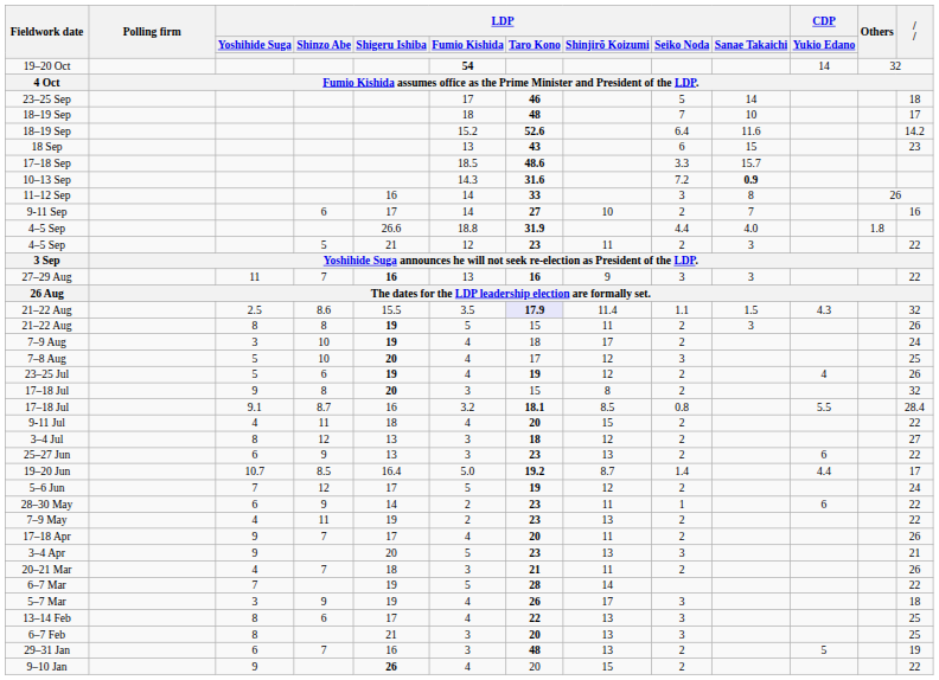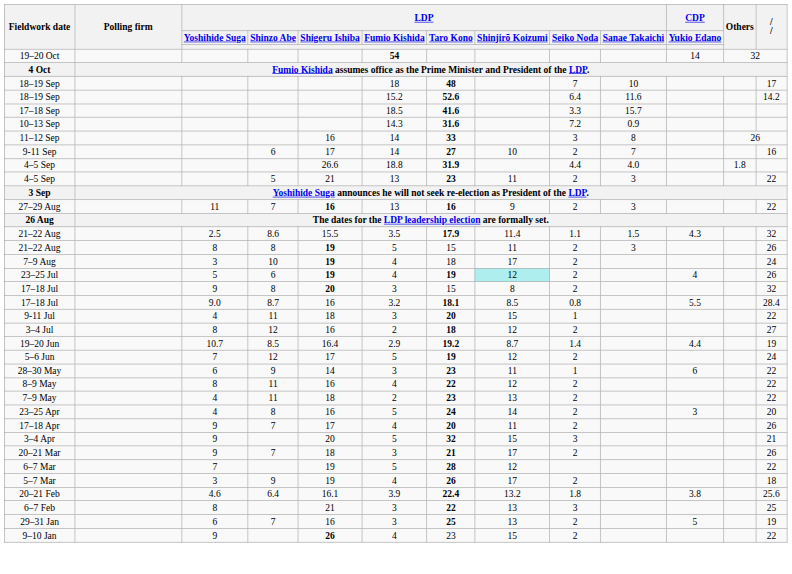 <table class="wikitable mw-datatable sortable mw-collapsible" style="text-align:center;font-size:90%;line-height:14px;">
 <tr style="height:40px;">
 <th class="unsortable" rowspan="3" width=100px>Fieldwork date</th>
 <th class="unsortable" rowspan="3" width=155px>Polling firm</th>
 <th colspan="8" class="unsortable"><a href='#'>LDP</a></th>
 <th class="unsortable"><a href='#'>CDP</a></th>
 <th rowspan="3" class="unsortable" width="40px">Others </th>
 <th rowspan="3" class="unsortable" width="40px">/<br>/</th>
 </tr>
 <tr>
 <th class="unsortable" "style=width:40px;"><a href='#'>Yoshihide Suga</a></th>
 <th class="unsortable" "style=width:40px;"><a href='#'>Shinzo Abe</a></th>
 <th class="unsortable" "style=width:40px;"><a href='#'>Shigeru Ishiba</a></th>
 <th class="unsortable" "style=width:40px;"><a href='#'>Fumio Kishida</a></th>
 <th class="unsortable" "style=width:40px;"><a href='#'>Taro Kono</a></th>
 <th class="unsortable" "style=width:40px;"><a href='#'>Shinjirō Koizumi</a></th>
 <th class="unsortable" "style=width:40px;"><a href='#'>Seiko Noda</a></th>
 <th class="unsortable" "style=width:40px;"><a href='#'>Sanae Takaichi</a></th>
 <th class="unsortable" "style=width:40px;"><a href='#'>Yukio Edano</a></th>
 </tr>
 <tr>
 <th colspan="8" style="background: "></th>
 <th style="background: "></th>
 </tr>
 <tr>
 <td>19–20 Oct</td>
 <td></td>
 <td></td>
 <td></td>
 <td></td>
 <td><strong>54</strong></td>
 <td></td>
 <td></td>
 <td></td>
 <td></td>
 <td>14</td>
 <td colspan="2">32</td>
 </tr>
 <tr>
 <th>4 Oct</th>
 <th colspan="12"><a href='#'>Fumio Kishida</a> assumes office as the Prime Minister and President of the <a href='#'>LDP</a>.</th>
 </tr>
 <tr>
-<td>23–25 Sep</td>
-<td></td>
-<td></td>
-<td></td>
-<td></td>
-<td>17</td>
-<td><strong>46</strong></td>
-<td></td>
-<td>5</td>
-<td>14</td>
-<td></td>
-<td></td>
-<td>18</td>
-</tr>
-<tr>
 <td>18–19 Sep</td>
 <td></td>
 <td></td>
 <td></td>
 <td></td>
 <td>18</td>
 <td><strong>48</strong></td>
 <td></td>
 <td>7</td>
 <td>10</td>
 <td></td>
 <td></td>
 <td>17</td>
 </tr>
 <tr>
 <td>18–19 Sep</td>
 <td></td>
 <td></td>
 <td></td>
 <td></td>
 <td>15.2</td>
 <td><strong>52.6</strong></td>
 <td></td>
 <td>6.4</td>
 <td>11.6</td>
 <td></td>
 <td></td>
 <td>14.2</td>
 </tr>
 <tr>
-<td>18 Sep</td>
-<td></td>
-<td></td>
-<td></td>
-<td></td>
-<td>13</td>
-<td><strong>43</strong></td>
-<td></td>
-<td>6</td>
-<td>15</td>
-<td></td>
-<td></td>
-<td>23</td>
-</tr>
-<tr>
 <td>17–18 Sep</td>
 <td></td>
 <td></td>
 <td></td>
 <td></td>
 <td>18.5</td>
-<td><strong>48.6</strong></td>
+<td><strong>41.6</strong></td>
 <td></td>
 <td>3.3</td>
 <td>15.7</td>
 <td></td>
 <td></td>
 <td></td>
 </tr>
 <tr>
 <td>10–13 Sep</td>
 <td> </td>
 <td></td>
 <td></td>
 <td></td>
 <td>14.3</td>
 <td><strong>31.6</strong></td>
 <td></td>
 <td>7.2</td>
-<td><strong>0.9</strong></td>
+<td>0.9</td>
 <td></td>
 <td></td>
 <td></td>
 </tr>
 <tr>
 <td>11–12 Sep</td>
 <td></td>
 <td></td>
 <td></td>
 <td>16</td>
 <td>14</td>
 <td><strong>33</strong></td>
 <td></td>
 <td>3</td>
 <td>8</td>
 <td></td>
 <td colspan="2">26</td>
 </tr>
 <tr>
 <td>9-11 Sep</td>
 <td></td>
 <td></td>
 <td>6</td>
 <td>17</td>
 <td>14</td>
 <td><strong>27</strong></td>
 <td>10</td>
 <td>2</td>
 <td>7</td>
 <td></td>
 <td></td>
 <td>16</td>
 </tr>
 <tr>
 <td>4–5 Sep</td>
 <td></td>
 <td></td>
 <td></td>
 <td>26.6</td>
 <td>18.8</td>
 <td><strong>31.9</strong></td>
 <td></td>
 <td>4.4</td>
 <td>4.0</td>
 <td></td>
 <td>1.8</td>
 <td></td>
 </tr>
 <tr>
 <td>4–5 Sep</td>
 <td></td>
 <td></td>
 <td>5</td>
 <td>21</td>
-<td>12</td>
+<td>13</td>
 <td><strong>23</strong></td>
 <td>11</td>
 <td>2</td>
 <td>3</td>
 <td></td>
 <td></td>
 <td>22</td>
 </tr>
 <tr>
 <th>3 Sep</th>
 <th colspan="12"><a href='#'>Yoshihide Suga</a> announces he will not seek re-election as President of the <a href='#'>LDP</a>.</th>
 </tr>
 <tr>
 <td>27–29 Aug</td>
 <td></td>
 <td>11</td>
 <td>7</td>
 <td><strong>16</strong></td>
 <td>13</td>
 <td><strong>16</strong></td>
 <td>9</td>
-<td>3</td>
+<td>2</td>
 <td>3</td>
 <td></td>
 <td></td>
 <td>22</td>
 </tr>
 <tr>
 <th>26 Aug</th>
 <th colspan="12">The dates for the <a href='#'>LDP leadership election</a> are formally set.</th>
 </tr>
 <tr>
 <td>21–22 Aug</td>
 <td></td>
 <td>2.5</td>
 <td>8.6</td>
 <td>15.5</td>
 <td>3.5</td>
-<td style="background: lavender;"><strong>17.9</strong></td>
+<td><strong>17.9</strong></td>
 <td>11.4</td>
 <td>1.1</td>
 <td>1.5</td>
 <td>4.3</td>
 <td></td>
 <td>32</td>
 </tr>
 <tr>
 <td>21–22 Aug</td>
 <td></td>
 <td>8</td>
 <td>8</td>
 <td><strong>19</strong></td>
 <td>5</td>
 <td>15</td>
 <td>11</td>
 <td>2</td>
 <td>3</td>
 <td></td>
 <td></td>
 <td>26</td>
 </tr>
 <tr>
 <td data-sort-value="2021-08-09">7–9 Aug</td>
 <td></td>
 <td>3</td>
 <td>10</td>
 <td><strong>19</strong></td>
 <td>4</td>
 <td>18</td>
 <td>17</td>
 <td>2</td>
 <td></td>
 <td></td>
 <td></td>
 <td>24</td>
 </tr>
 <tr>
-<td data-sort-value="2021-08-08">7–8 Aug</td>
-<td></td>
-<td>5</td>
-<td>10</td>
-<td><strong>20</strong></td>
-<td>4</td>
-<td>17</td>
-<td>12</td>
-<td>3</td>
-<td></td>
-<td></td>
-<td></td>
-<td>25</td>
-</tr>
-<tr>
 <td data-sort-value="2021-07-25">23–25 Jul</td>
 <td></td>
 <td>5</td>
 <td>6</td>
 <td><strong>19</strong></td>
 <td>4</td>
 <td><strong>19</strong></td>
-<td>12</td>
+<td style="background: paleturquoise;">12</td>
 <td>2</td>
 <td></td>
 <td>4</td>
 <td></td>
 <td>26</td>
 </tr>
 <tr>
 <td data-sort-value="2021-07-18">17–18 Jul</td>
 <td></td>
 <td>9</td>
 <td>8</td>
 <td><strong>20</strong></td>
 <td>3</td>
 <td>15</td>
 <td>8</td>
 <td>2</td>
 <td></td>
 <td></td>
 <td></td>
 <td>32</td>
 </tr>
 <tr>
 <td data-sort-value="2021-07-18">17–18 Jul</td>
 <td></td>
-<td>9.1</td>
+<td>9.0</td>
 <td>8.7</td>
 <td>16</td>
 <td>3.2</td>
 <td><strong>18.1</strong></td>
 <td>8.5</td>
 <td>0.8</td>
 <td></td>
 <td>5.5</td>
 <td></td>
 <td>28.4</td>
 </tr>
 <tr>
 <td data-sort-value="2021-07-11">9-11 Jul</td>
 <td></td>
 <td>4</td>
 <td>11</td>
 <td>18</td>
-<td>4</td>
+<td>3</td>
 <td><strong>20</strong></td>
 <td>15</td>
-<td>2</td>
+<td>1</td>
 <td></td>
 <td></td>
 <td></td>
 <td>22</td>
 </tr>
 <tr>
 <td data-sort-value="2021-07-04">3–4 Jul</td>
 <td></td>
 <td>8</td>
 <td>12</td>
-<td>13</td>
-<td>3</td>
+<td>16</td>
+<td>2</td>
 <td><strong>18</strong></td>
 <td>12</td>
 <td>2</td>
 <td></td>
 <td></td>
 <td></td>
 <td>27</td>
 </tr>
 <tr>
-<td data-sort-value="2021-06-27">25–27 Jun</td>
-<td></td>
-<td>6</td>
-<td>9</td>
-<td>13</td>
-<td>3</td>
-<td><strong>23</strong></td>
-<td>13</td>
-<td>2</td>
-<td></td>
-<td>6</td>
-<td></td>
-<td>22</td>
-</tr>
-<tr>
 <td data-sort-value="2021-06-20">19–20 Jun</td>
 <td></td>
 <td>10.7</td>
 <td>8.5</td>
 <td>16.4</td>
-<td>5.0</td>
+<td>2.9</td>
 <td><strong>19.2</strong></td>
 <td>8.7</td>
 <td>1.4</td>
 <td></td>
 <td>4.4</td>
 <td></td>
-<td>17</td>
+<td>19</td>
 </tr>
 <tr>
 <td data-sort-value="2021-06-06">5–6 Jun</td>
 <td></td>
 <td>7</td>
 <td>12</td>
 <td>17</td>
 <td>5</td>
 <td><strong>19</strong></td>
 <td>12</td>
 <td>2</td>
 <td></td>
 <td></td>
 <td></td>
 <td>24</td>
 </tr>
 <tr>
 <td data-sort-value="2021-05-30">28–30 May</td>
 <td></td>
 <td>6</td>
 <td>9</td>
 <td>14</td>
-<td>2</td>
+<td>3</td>
 <td><strong>23</strong></td>
 <td>11</td>
 <td>1</td>
 <td></td>
 <td>6</td>
 <td></td>
 <td>22</td>
 </tr>
 <tr>
+<td data-sort-value="2021-05-09">8–9 May</td>
+<td></td>
+<td>8</td>
+<td>11</td>
+<td>16</td>
+<td>4</td>
+<td><strong>22</strong></td>
+<td>12</td>
+<td>2</td>
+<td></td>
+<td></td>
+<td></td>
+<td>22</td>
+</tr>
+<tr>
 <td data-sort-value="2021-05-09">7–9 May</td>
 <td></td>
 <td>4</td>
 <td>11</td>
-<td>19</td>
+<td>18</td>
 <td>2</td>
 <td><strong>23</strong></td>
 <td>13</td>
 <td>2</td>
 <td></td>
 <td></td>
 <td></td>
 <td>22</td>
+</tr>
+<tr>
+<td data-sort-value="2021-04-25">23–25 Apr</td>
+<td></td>
+<td>4</td>
+<td>8</td>
+<td>16</td>
+<td>5</td>
+<td><strong>24</strong></td>
+<td>14</td>
+<td>2</td>
+<td></td>
+<td>3</td>
+<td></td>
+<td>20</td>
 </tr>
 <tr>
 <td data-sort-value="2021-04-18">17–18 Apr</td>
 <td></td>
 <td>9</td>
 <td>7</td>
 <td>17</td>
 <td>4</td>
 <td><strong>20</strong></td>
 <td>11</td>
 <td>2</td>
 <td></td>
 <td></td>
 <td></td>
 <td>26</td>
 </tr>
 <tr>
 <td data-sort-value="2021-04-04">3–4 Apr</td>
 <td></td>
 <td>9</td>
 <td></td>
 <td>20</td>
 <td>5</td>
-<td><strong>23</strong></td>
-<td>13</td>
+<td><strong>32</strong></td>
+<td>15</td>
 <td>3</td>
 <td></td>
 <td></td>
 <td></td>
 <td>21</td>
 </tr>
 <tr>
 <td data-sort-value="2021-03-21">20–21 Mar</td>
 <td></td>
-<td>4</td>
+<td>9</td>
 <td>7</td>
 <td>18</td>
 <td>3</td>
 <td><strong>21</strong></td>
-<td>11</td>
+<td>17</td>
 <td>2</td>
 <td></td>
 <td></td>
 <td></td>
 <td>26</td>
 </tr>
 <tr>
 <td data-sort-value="2021-03-07">6–7 Mar</td>
 <td></td>
 <td>7</td>
 <td></td>
 <td>19</td>
 <td>5</td>
 <td><strong>28</strong></td>
-<td>14</td>
+<td>12</td>
 <td></td>
 <td></td>
 <td></td>
 <td></td>
 <td>22</td>
 </tr>
 <tr>
 <td data-sort-value="2021-03-07">5–7 Mar</td>
 <td></td>
 <td>3</td>
 <td>9</td>
 <td>19</td>
 <td>4</td>
 <td><strong>26</strong></td>
 <td>17</td>
-<td>3</td>
+<td>2</td>
 <td></td>
 <td></td>
 <td></td>
 <td>18</td>
 </tr>
 <tr>
-<td data-sort-value="2021-02-14">13–14 Feb</td>
+<td data-sort-value="2021-02-21">20–21 Feb</td>
 <td></td>
-<td>8</td>
-<td>6</td>
-<td>17</td>
-<td>4</td>
-<td><strong>22</strong></td>
-<td>13</td>
-<td>3</td>
+<td>4.6</td>
+<td>6.4</td>
+<td>16.1</td>
+<td>3.9</td>
+<td><strong>22.4</strong></td>
+<td>13.2</td>
+<td>1.8</td>
 <td></td>
+<td>3.8</td>
 <td></td>
-<td></td>
-<td>25</td>
+<td>25.6</td>
 </tr>
 <tr>
 <td data-sort-value="2021-02-07">6–7 Feb</td>
 <td></td>
 <td>8</td>
 <td></td>
 <td>21</td>
 <td>3</td>
-<td><strong>20</strong></td>
+<td><strong>22</strong></td>
 <td>13</td>
 <td>3</td>
 <td></td>
 <td></td>
 <td></td>
 <td>25</td>
 </tr>
 <tr>
 <td data-sort-value="2021-01-31">29–31 Jan</td>
 <td></td>
 <td>6</td>
 <td>7</td>
 <td>16</td>
 <td>3</td>
-<td><strong>48</strong></td>
+<td><strong>25</strong></td>
 <td>13</td>
 <td>2</td>
 <td></td>
 <td>5</td>
 <td></td>
 <td>19</td>
 </tr>
 <tr>
 <td data-sort-value="2021-01-10">9–10 Jan</td>
 <td></td>
 <td>9</td>
 <td></td>
 <td><strong>26</strong></td>
 <td>4</td>
-<td>20</td>
+<td>23</td>
 <td>15</td>
 <td>2</td>
 <td></td>
 <td></td>
 <td></td>
 <td>22</td>
 </tr>
 </table>
